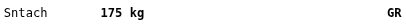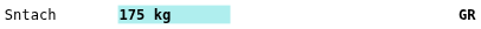 <table>
 <tr>
 <th width=100></th>
 <th width=100></th>
 <th width=200></th>
 <th width=80></th>
 </tr>
 <tr>
 <td>Sntach</td>
-<td><strong>175 kg</strong></td>
+<td style="background: paleturquoise;"><strong>175 kg</strong></td>
 <td></td>
 <td><strong>GR</strong></td>
 </tr>
 </table>
